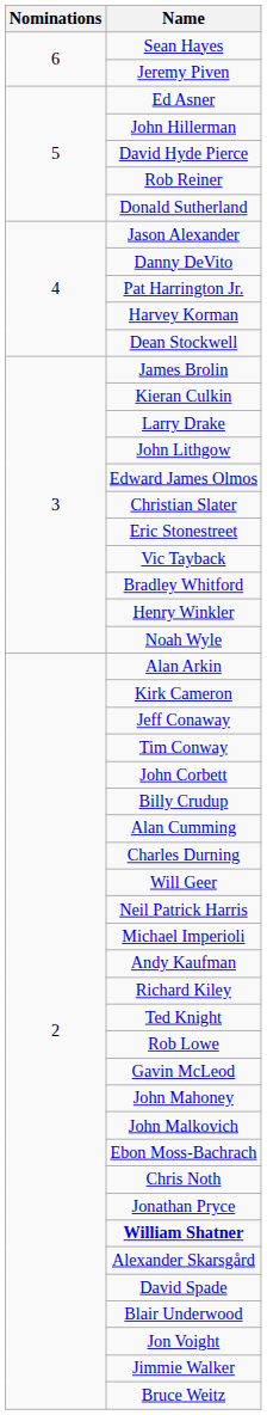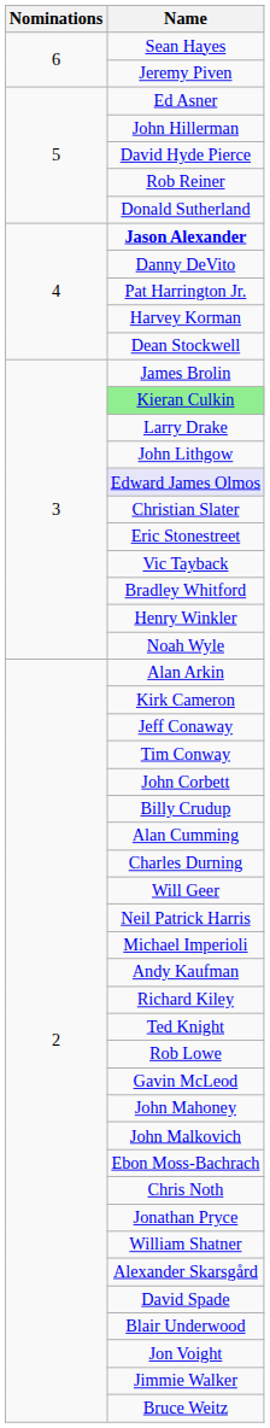 <table class="wikitable" style="text-align:center;">
 <tr>
 <th scope="col" style="width:55px;">Nominations</th>
 <th scope="col" style="text-align:center;">Name</th>
 </tr>
 <tr>
 <td rowspan="2">6</td>
 <td><a href='#'>Sean Hayes</a></td>
 </tr>
 <tr>
 <td><a href='#'>Jeremy Piven</a></td>
 </tr>
 <tr>
 <td rowspan="5">5</td>
 <td><a href='#'>Ed Asner</a></td>
 </tr>
 <tr>
 <td><a href='#'>John Hillerman</a></td>
 </tr>
 <tr>
 <td><a href='#'>David Hyde Pierce</a></td>
 </tr>
 <tr>
 <td><a href='#'>Rob Reiner</a></td>
 </tr>
 <tr>
 <td><a href='#'>Donald Sutherland</a></td>
 </tr>
 <tr>
 <td rowspan="5">4</td>
-<td><a href='#'>Jason Alexander</a></td>
+<td><strong><a href='#'>Jason Alexander</a></strong></td>
 </tr>
 <tr>
 <td><a href='#'>Danny DeVito</a></td>
 </tr>
 <tr>
 <td><a href='#'>Pat Harrington Jr.</a></td>
 </tr>
 <tr>
 <td><a href='#'>Harvey Korman</a></td>
 </tr>
 <tr>
 <td><a href='#'>Dean Stockwell</a></td>
 </tr>
 <tr>
 <td rowspan="11">3</td>
 <td><a href='#'>James Brolin</a></td>
 </tr>
 <tr>
-<td><a href='#'>Kieran Culkin</a></td>
+<td style="background: lightgreen;"><a href='#'>Kieran Culkin</a></td>
 </tr>
 <tr>
 <td><a href='#'>Larry Drake</a></td>
 </tr>
 <tr>
 <td><a href='#'>John Lithgow</a></td>
 </tr>
 <tr>
-<td><a href='#'>Edward James Olmos</a></td>
+<td style="background: lavender;"><a href='#'>Edward James Olmos</a></td>
 </tr>
 <tr>
 <td><a href='#'>Christian Slater</a></td>
 </tr>
 <tr>
 <td><a href='#'>Eric Stonestreet</a></td>
 </tr>
 <tr>
 <td><a href='#'>Vic Tayback</a></td>
 </tr>
 <tr>
 <td><a href='#'>Bradley Whitford</a></td>
 </tr>
 <tr>
 <td><a href='#'>Henry Winkler</a></td>
 </tr>
 <tr>
 <td><a href='#'>Noah Wyle</a></td>
 </tr>
 <tr>
 <td rowspan="28">2</td>
 <td><a href='#'>Alan Arkin</a></td>
 </tr>
 <tr>
 <td><a href='#'>Kirk Cameron</a></td>
 </tr>
 <tr>
 <td><a href='#'>Jeff Conaway</a></td>
 </tr>
 <tr>
 <td><a href='#'>Tim Conway</a></td>
 </tr>
 <tr>
 <td><a href='#'>John Corbett</a></td>
 </tr>
 <tr>
 <td><a href='#'>Billy Crudup</a></td>
 </tr>
 <tr>
 <td><a href='#'>Alan Cumming</a></td>
 </tr>
 <tr>
 <td><a href='#'>Charles Durning</a></td>
 </tr>
 <tr>
 <td><a href='#'>Will Geer</a></td>
 </tr>
 <tr>
 <td><a href='#'>Neil Patrick Harris</a></td>
 </tr>
 <tr>
 <td><a href='#'>Michael Imperioli</a></td>
 </tr>
 <tr>
 <td><a href='#'>Andy Kaufman</a></td>
 </tr>
 <tr>
 <td><a href='#'>Richard Kiley</a></td>
 </tr>
 <tr>
 <td><a href='#'>Ted Knight</a></td>
 </tr>
 <tr>
 <td><a href='#'>Rob Lowe</a></td>
 </tr>
 <tr>
 <td><a href='#'>Gavin McLeod</a></td>
 </tr>
 <tr>
 <td><a href='#'>John Mahoney</a></td>
 </tr>
 <tr>
 <td><a href='#'>John Malkovich</a></td>
 </tr>
 <tr>
 <td><a href='#'>Ebon Moss-Bachrach</a></td>
 </tr>
 <tr>
 <td><a href='#'>Chris Noth</a></td>
 </tr>
 <tr>
 <td><a href='#'>Jonathan Pryce</a></td>
 </tr>
 <tr>
-<td><strong><a href='#'>William Shatner</a></strong></td>
+<td><a href='#'>William Shatner</a></td>
 </tr>
 <tr>
 <td><a href='#'>Alexander Skarsgård</a></td>
 </tr>
 <tr>
 <td><a href='#'>David Spade</a></td>
 </tr>
 <tr>
 <td><a href='#'>Blair Underwood</a></td>
 </tr>
 <tr>
 <td><a href='#'>Jon Voight</a></td>
 </tr>
 <tr>
 <td><a href='#'>Jimmie Walker</a></td>
 </tr>
 <tr>
 <td><a href='#'>Bruce Weitz</a></td>
 </tr>
 </table>
